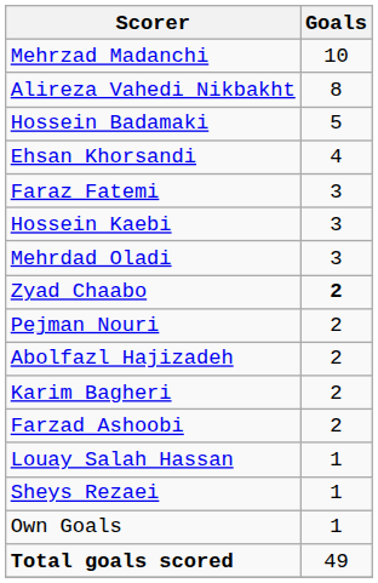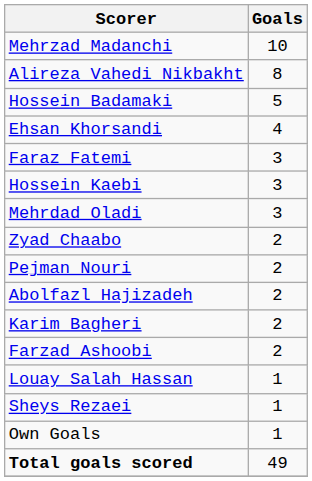 <table class="wikitable">
 <tr>
 <th>Scorer</th>
 <th>Goals</th>
 </tr>
 <tr>
 <td> <a href='#'>Mehrzad Madanchi</a></td>
 <td style="text-align:center;">10</td>
 </tr>
 <tr>
 <td> <a href='#'>Alireza Vahedi Nikbakht</a></td>
 <td style="text-align:center;">8</td>
 </tr>
 <tr>
 <td> <a href='#'>Hossein Badamaki</a></td>
 <td style="text-align:center;">5</td>
 </tr>
 <tr>
 <td> <a href='#'>Ehsan Khorsandi</a></td>
 <td style="text-align:center;">4</td>
 </tr>
 <tr>
 <td> <a href='#'>Faraz Fatemi</a></td>
 <td style="text-align:center;">3</td>
 </tr>
 <tr>
 <td> <a href='#'>Hossein Kaebi</a></td>
 <td style="text-align:center;">3</td>
 </tr>
 <tr>
 <td> <a href='#'>Mehrdad Oladi</a></td>
 <td style="text-align:center;">3</td>
 </tr>
 <tr>
 <td> <a href='#'>Zyad Chaabo</a></td>
-<td style="text-align:center;"><strong>2</strong></td>
+<td style="text-align:center;">2</td>
 </tr>
 <tr>
 <td> <a href='#'>Pejman Nouri</a></td>
 <td style="text-align:center;">2</td>
 </tr>
 <tr>
 <td> <a href='#'>Abolfazl Hajizadeh</a></td>
 <td style="text-align:center;">2</td>
 </tr>
 <tr>
 <td> <a href='#'>Karim Bagheri</a></td>
 <td style="text-align:center;">2</td>
 </tr>
 <tr>
 <td> <a href='#'>Farzad Ashoobi</a></td>
 <td style="text-align:center;">2</td>
 </tr>
 <tr>
 <td> <a href='#'>Louay Salah Hassan</a></td>
 <td style="text-align:center;">1</td>
 </tr>
 <tr>
 <td> <a href='#'>Sheys Rezaei</a></td>
 <td style="text-align:center;">1</td>
 </tr>
 <tr>
 <td>Own Goals</td>
 <td style="text-align:center;">1</td>
 </tr>
 <tr>
 <td><strong>Total goals scored</strong></td>
 <td style="text-align:center;">49</td>
 </tr>
 <tr>
 </tr>
 </table>
